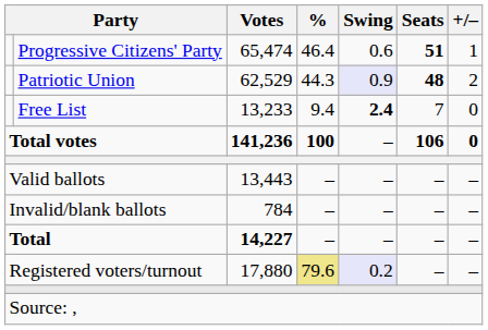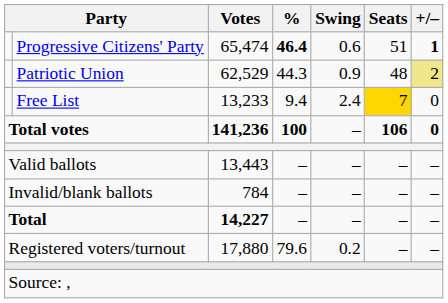 <table class="wikitable" style="text-align:right">
 <tr>
 <th colspan="2">Party</th>
 <th>Votes</th>
 <th>%</th>
 <th>Swing</th>
 <th>Seats</th>
 <th>+/–</th>
 </tr>
 <tr>
 <td></td>
 <td align="left"><a href='#'>Progressive Citizens' Party</a></td>
 <td>65,474</td>
-<td>46.4</td>
+<td><strong>46.4</strong></td>
 <td> 0.6</td>
-<td><strong>51</strong></td>
-<td> 1</td>
+<td>51</td>
+<td><strong> 1</strong></td>
 </tr>
 <tr>
 <td></td>
 <td align="left"><a href='#'>Patriotic Union</a></td>
 <td>62,529</td>
 <td>44.3</td>
-<td style="background: lavender;"> 0.9</td>
-<td><strong>48</strong></td>
-<td> 2</td>
+<td> 0.9</td>
+<td>48</td>
+<td style="background: khaki;"> 2</td>
 </tr>
 <tr>
 <td></td>
 <td align="left"><a href='#'>Free List</a></td>
 <td>13,233</td>
 <td>9.4</td>
-<td><strong> 2.4</strong></td>
-<td>7</td>
+<td> 2.4</td>
+<td style="background: gold;">7</td>
 <td>0</td>
 </tr>
 <tr>
 <td colspan="2" align="left"><strong>Total votes</strong></td>
 <td><strong>141,236</strong></td>
 <td><strong>100</strong></td>
 <td>–</td>
 <td><strong>106</strong></td>
 <td><strong>0</strong></td>
 </tr>
 <tr>
 <th colspan="7"></th>
 </tr>
 <tr>
 <td colspan="2" align="left">Valid ballots</td>
 <td>13,443</td>
 <td>–</td>
 <td>–</td>
 <td>–</td>
 <td>–</td>
 </tr>
 <tr>
 <td colspan="2" align="left">Invalid/blank ballots</td>
 <td>784</td>
 <td>–</td>
 <td>–</td>
 <td>–</td>
 <td>–</td>
 </tr>
 <tr>
 <td colspan="2" align="left"><strong>Total</strong></td>
 <td><strong>14,227</strong></td>
 <td>–</td>
 <td>–</td>
 <td>–</td>
 <td>–</td>
 </tr>
 <tr>
 <td colspan="2" align="left">Registered voters/turnout</td>
 <td>17,880</td>
-<td style="background: khaki;">79.6</td>
-<td style="background: lavender;"> 0.2</td>
+<td>79.6</td>
+<td> 0.2</td>
 <td>–</td>
 <td>–</td>
 </tr>
 <tr>
 <td colspan="7" style="color:inherit;background:#E9E9E9"></td>
 </tr>
 <tr>
 <td colspan="7" align="left">Source: , </td>
 </tr>
 </table>
